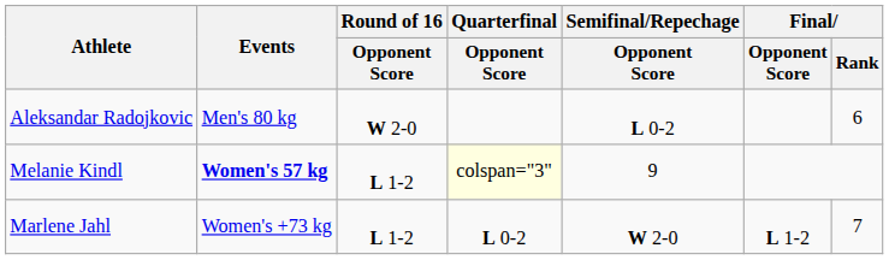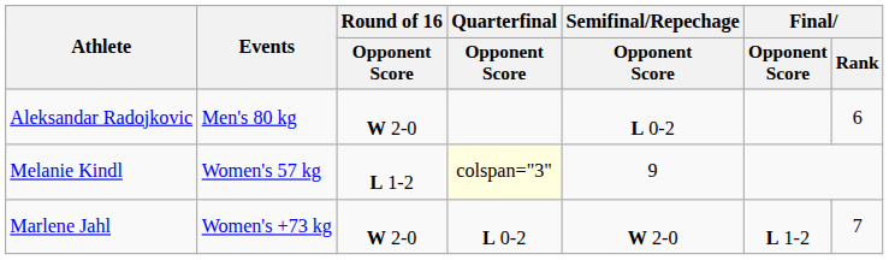 <table class="wikitable" style="text-align:center; font-size:90%">
 <tr>
 <th rowspan="2">Athlete</th>
 <th rowspan="2">Events</th>
 <th>Round of 16</th>
 <th>Quarterfinal</th>
 <th>Semifinal/Repechage</th>
 <th colspan="2">Final/</th>
 </tr>
 <tr style="font-size:95%">
 <th>Opponent<br>Score</th>
 <th>Opponent<br>Score</th>
 <th>Opponent<br>Score</th>
 <th>Opponent<br>Score</th>
 <th>Rank</th>
 </tr>
 <tr>
 <td align="left"><a href='#'>Aleksandar Radojkovic</a></td>
 <td align="left"><a href='#'>Men's 80 kg</a></td>
 <td><br><strong>W</strong> 2-0</td>
 <td></td>
 <td><br><strong>L</strong> 0-2</td>
 <td></td>
 <td>6</td>
 </tr>
 <tr>
 <td align="left"><a href='#'>Melanie Kindl</a></td>
-<td align="left"><strong><a href='#'>Women's 57 kg</a></strong></td>
+<td align="left"><a href='#'>Women's 57 kg</a></td>
 <td><br><strong>L</strong> 1-2</td>
 <td style="background: lightyellow;">colspan="3" </td>
 <td>9</td>
 </tr>
 <tr>
 <td align="left"><a href='#'>Marlene Jahl</a></td>
 <td align="left"><a href='#'>Women's +73 kg</a></td>
-<td><br><strong>L</strong> 1-2</td>
+<td><br><strong>W</strong> 2-0</td>
 <td><br><strong>L</strong> 0-2</td>
 <td><br><strong>W</strong> 2-0</td>
 <td><br><strong>L</strong> 1-2</td>
 <td>7</td>
 </tr>
 </table>
